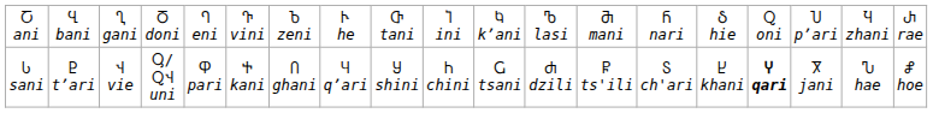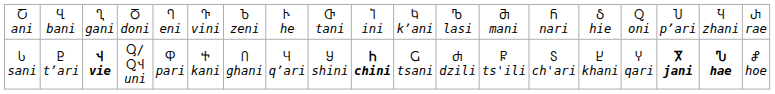 <table class="wikitable" style="line-height:1.2;width:30em;">
 <tr style="text-align:center;">
 <td bgcolor="#ffffff"><span>Ⴀ</span><br><em>ani</em></td>
 <td bgcolor="#ffffff"><span>Ⴁ</span><br><em>bani</em></td>
 <td bgcolor="#ffffff"><span>Ⴂ</span><br><em>gani</em></td>
 <td bgcolor="#ffffff"><span>Ⴃ</span><br><em>doni</em></td>
 <td bgcolor="#ffffff"><span>Ⴄ</span><br><em>eni</em></td>
 <td bgcolor="#ffffff"><span>Ⴅ</span><br><em>vini</em></td>
 <td bgcolor="#ffffff"><span>Ⴆ</span><br><em>zeni</em></td>
 <td bgcolor="#ffffff"><span>Ⴡ</span><br><em>he</em></td>
 <td bgcolor="#ffffff"><span>Ⴇ</span><br><em>tani</em></td>
 <td bgcolor="#ffffff"><span>Ⴈ</span><br><em>ini</em></td>
 <td bgcolor="#ffffff"><span>Ⴉ</span><br><em>kʼani</em></td>
 <td bgcolor="#ffffff"><span>Ⴊ</span><br><em>lasi</em></td>
 <td bgcolor="#ffffff"><span>Ⴋ</span><br><em>mani</em></td>
 <td bgcolor="#ffffff"><span>Ⴌ</span><br><em>nari</em></td>
 <td bgcolor="#ffffff"><span>Ⴢ</span><br><em>hie</em></td>
 <td bgcolor="#ffffff"><span>Ⴍ</span><br><em>oni</em></td>
 <td bgcolor="#ffffff"><span>Ⴎ</span><br><em>pʼari</em></td>
 <td bgcolor="#ffffff"><span>Ⴏ</span><br><em>zhani</em></td>
 <td bgcolor="#ffffff"><span>Ⴐ</span><br><em>rae</em></td>
 </tr>
 <tr style="text-align:center;">
 <td bgcolor="#ffffff"><span>Ⴑ</span><br><em>sani</em></td>
 <td bgcolor="#ffffff"><span>Ⴒ</span><br><em>tʼari</em></td>
-<td bgcolor="#ffffff"><span>Ⴣ</span><br><em>vie</em></td>
+<td bgcolor="#ffffff"><strong><span>Ⴣ</span><br><em>vie</em></strong></td>
 <td bgcolor="#ffffff"><span>Ⴓ/ႭჃ</span><br><em>uni</em></td>
 <td bgcolor="#ffffff"><span>Ⴔ</span><br><em>pari</em></td>
 <td bgcolor="#ffffff"><span>Ⴕ</span><br><em>kani</em></td>
 <td bgcolor="#ffffff"><span>Ⴖ</span><br><em>ghani</em></td>
 <td bgcolor="#ffffff"><span>Ⴗ</span><br><em>qʼari</em></td>
 <td bgcolor="#ffffff"><span>Ⴘ</span><br><em>shini</em></td>
-<td bgcolor="#ffffff"><span>Ⴙ</span><br><em>chini</em></td>
+<td bgcolor="#ffffff"><strong><span>Ⴙ</span><br><em>chini</em></strong></td>
 <td bgcolor="#ffffff"><span>Ⴚ</span><br><em>tsani</em></td>
 <td bgcolor="#ffffff"><span>Ⴛ</span><br><em>dzili</em></td>
 <td bgcolor="#ffffff"><span>Ⴜ</span><br><em>ts'ili</em></td>
 <td bgcolor="#ffffff"><span>Ⴝ</span><br><em>ch'ari</em></td>
 <td bgcolor="#ffffff"><span>Ⴞ</span><br><em>khani</em></td>
-<td bgcolor="#ffffff"><strong><span>Ⴤ</span><br><em>qari</em></strong></td>
-<td bgcolor="#ffffff"><span>Ⴟ</span><br><em>jani</em></td>
-<td bgcolor="#ffffff"><span>Ⴠ</span><br><em>hae</em></td>
+<td bgcolor="#ffffff"><span>Ⴤ</span><br><em>qari</em></td>
+<td bgcolor="#ffffff"><strong><span>Ⴟ</span><br><em>jani</em></strong></td>
+<td bgcolor="#ffffff"><strong><span>Ⴠ</span><br><em>hae</em></strong></td>
 <td bgcolor="#ffffff"><span>Ⴥ</span><br><em>hoe</em></td>
 </tr>
 </table>
